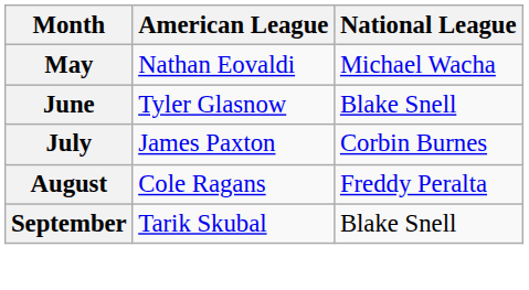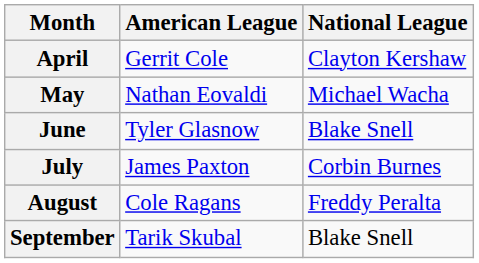 <table class="wikitable">
 <tr>
 <th>Month</th>
 <th>American League</th>
 <th>National League</th>
+</tr>
+<tr>
+<th>April</th>
+<td><a href='#'>Gerrit Cole</a></td>
+<td><a href='#'>Clayton Kershaw</a></td>
 </tr>
 <tr>
 <th>May</th>
 <td><a href='#'>Nathan Eovaldi</a></td>
 <td><a href='#'>Michael Wacha</a></td>
 </tr>
 <tr>
 <th>June</th>
 <td><a href='#'>Tyler Glasnow</a></td>
 <td><a href='#'>Blake Snell</a></td>
 </tr>
 <tr>
 <th>July</th>
 <td><a href='#'>James Paxton</a></td>
 <td><a href='#'>Corbin Burnes</a></td>
 </tr>
 <tr>
 <th>August</th>
 <td><a href='#'>Cole Ragans</a></td>
 <td><a href='#'>Freddy Peralta</a></td>
 </tr>
 <tr>
 <th>September</th>
 <td><a href='#'>Tarik Skubal</a></td>
 <td>Blake Snell</td>
 </tr>
 </table>
